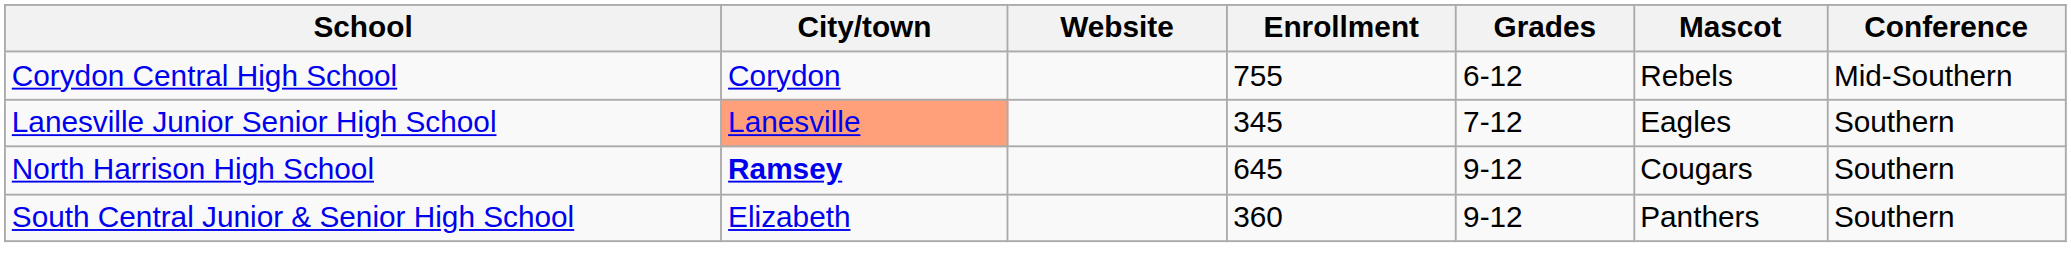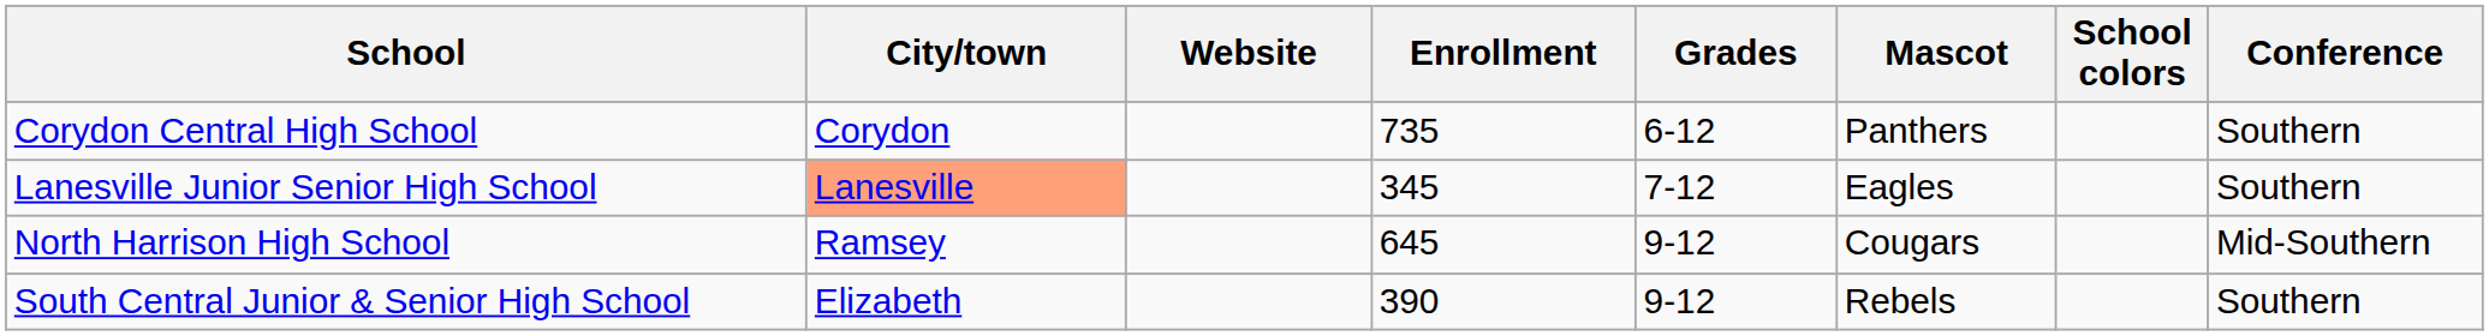 <table class="wikitable sortable" width="70%">
 <tr>
 <th width="20%">School</th>
 <th width="08%">City/town</th>
 <th width="06%">Website</th>
 <th width="04%">Enrollment</th>
 <th width="04%">Grades</th>
 <th width="04%">Mascot</th>
+<th width=01%>School colors</th>
 <th width="04%">Conference</th>
 </tr>
 <tr>
 <td><a href='#'>Corydon Central High School</a></td>
 <td><a href='#'>Corydon</a></td>
 <td></td>
-<td>755</td>
+<td>735</td>
 <td>6-12</td>
-<td>Rebels</td>
-<td>Mid-Southern</td>
+<td>Panthers</td>
+<td>  </td>
+<td>Southern</td>
 </tr>
 <tr>
 <td><a href='#'>Lanesville Junior Senior High School</a></td>
 <td style="background: lightsalmon;"><a href='#'>Lanesville</a></td>
 <td></td>
 <td>345</td>
 <td>7-12</td>
 <td>Eagles</td>
+<td> </td>
 <td>Southern</td>
 </tr>
 <tr>
 <td><a href='#'>North Harrison High School</a></td>
-<td><strong><a href='#'>Ramsey</a></strong></td>
+<td><a href='#'>Ramsey</a></td>
 <td></td>
 <td>645</td>
 <td>9-12</td>
 <td>Cougars</td>
-<td>Southern</td>
+<td> </td>
+<td>Mid-Southern</td>
 </tr>
 <tr>
 <td><a href='#'>South Central Junior & Senior High School</a></td>
 <td><a href='#'>Elizabeth</a></td>
 <td></td>
-<td>360</td>
+<td>390</td>
 <td>9-12</td>
-<td>Panthers</td>
+<td>Rebels</td>
+<td> </td>
 <td>Southern</td>
 </tr>
 </table>
